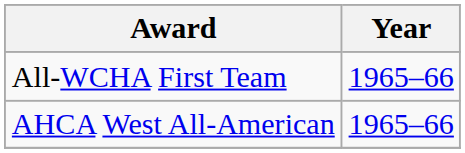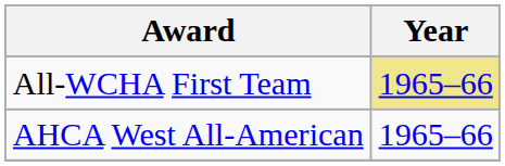 <table class="wikitable">
 <tr>
 <th>Award</th>
 <th>Year</th>
 </tr>
 <tr>
 <td>All-<a href='#'>WCHA</a> <a href='#'>First Team</a></td>
-<td><a href='#'>1965–66</a></td>
+<td style="background: khaki;"><a href='#'>1965–66</a></td>
 </tr>
 <tr>
 <td><a href='#'>AHCA</a> <a href='#'>West All-American</a></td>
 <td><a href='#'>1965–66</a></td>
 </tr>
 <tr>
 </tr>
 </table>
